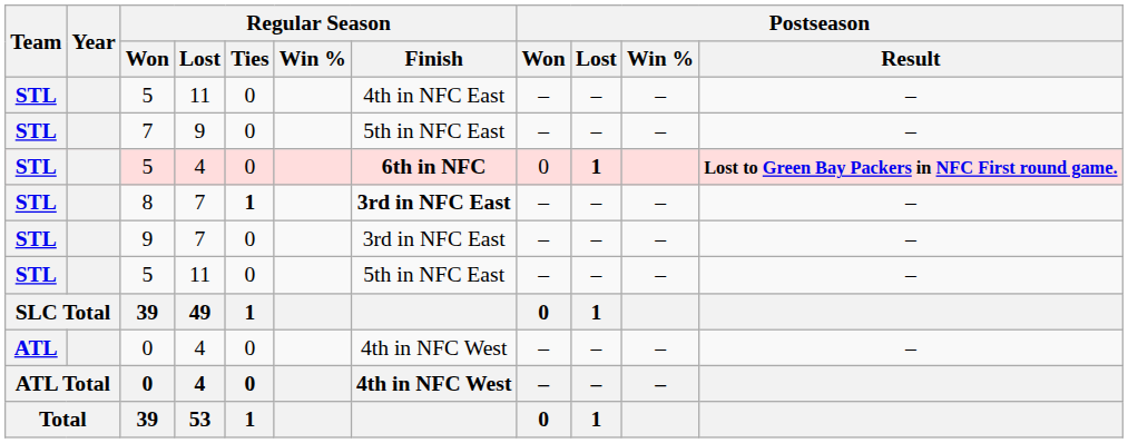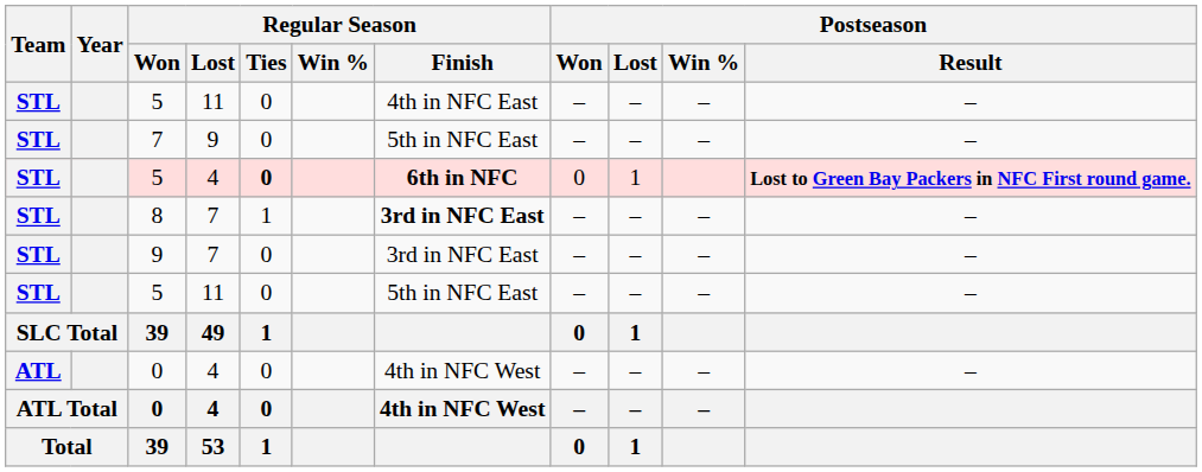 <table class="wikitable" style="font-size: 95%; text-align:center;">
 <tr>
 <th rowspan="2">Team</th>
 <th rowspan="2">Year</th>
 <th colspan="5">Regular Season</th>
 <th colspan="4">Postseason</th>
 </tr>
 <tr>
 <th>Won</th>
 <th>Lost</th>
 <th>Ties</th>
 <th>Win %</th>
 <th>Finish</th>
 <th>Won</th>
 <th>Lost</th>
 <th>Win %</th>
 <th>Result</th>
 </tr>
 <tr>
 <th><a href='#'>STL</a></th>
 <th></th>
 <td>5</td>
 <td>11</td>
 <td>0</td>
 <td></td>
 <td>4th in NFC East</td>
 <td>–</td>
 <td>–</td>
 <td>–</td>
 <td>–</td>
 </tr>
 <tr>
 <th><a href='#'>STL</a></th>
 <th></th>
 <td>7</td>
 <td>9</td>
 <td>0</td>
 <td></td>
 <td>5th in NFC East</td>
 <td>–</td>
 <td>–</td>
 <td>–</td>
 <td>–</td>
 </tr>
 <tr style="background:#fdd;">
 <th><a href='#'>STL</a></th>
 <th></th>
 <td>5</td>
 <td>4</td>
-<td>0</td>
+<td><strong>0</strong></td>
 <td></td>
 <td><strong>6th in NFC</strong></td>
 <td>0</td>
-<td><strong>1</strong></td>
+<td>1</td>
 <td></td>
 <td><small><strong>Lost to <a href='#'>Green Bay Packers</a> in <a href='#'>NFC First round game.</a></strong></small></td>
 </tr>
 <tr>
 <th><a href='#'>STL</a></th>
 <th></th>
 <td>8</td>
 <td>7</td>
-<td><strong>1</strong></td>
+<td>1</td>
 <td></td>
 <td><strong>3rd in NFC East</strong></td>
 <td>–</td>
 <td>–</td>
 <td>–</td>
 <td>–</td>
 </tr>
 <tr>
 <th><a href='#'>STL</a></th>
 <th></th>
 <td>9</td>
 <td>7</td>
 <td>0</td>
 <td></td>
 <td>3rd in NFC East</td>
 <td>–</td>
 <td>–</td>
 <td>–</td>
 <td>–</td>
 </tr>
 <tr>
 <th><a href='#'>STL</a></th>
 <th></th>
 <td>5</td>
 <td>11</td>
 <td>0</td>
 <td></td>
 <td>5th in NFC East</td>
 <td>–</td>
 <td>–</td>
 <td>–</td>
 <td>–</td>
 </tr>
 <tr>
 <th colspan="2">SLC Total</th>
 <th>39</th>
 <th>49</th>
 <th>1</th>
 <th></th>
 <th></th>
 <th>0</th>
 <th>1</th>
 <th></th>
 <th></th>
 </tr>
 <tr>
 <th><a href='#'>ATL</a></th>
 <th></th>
 <td>0</td>
 <td>4</td>
 <td>0</td>
 <td></td>
 <td>4th in NFC West</td>
 <td>–</td>
 <td>–</td>
 <td>–</td>
 <td>–</td>
 </tr>
 <tr>
 <th colspan="2">ATL Total</th>
 <th>0</th>
 <th>4</th>
 <th>0</th>
 <th></th>
 <th>4th in NFC West</th>
 <th>–</th>
 <th>–</th>
 <th>–</th>
 <th></th>
 </tr>
 <tr>
 <th colspan="2">Total</th>
 <th>39</th>
 <th>53</th>
 <th>1</th>
 <th></th>
 <th></th>
 <th>0</th>
 <th>1</th>
 <th></th>
 <th></th>
 </tr>
 </table>
